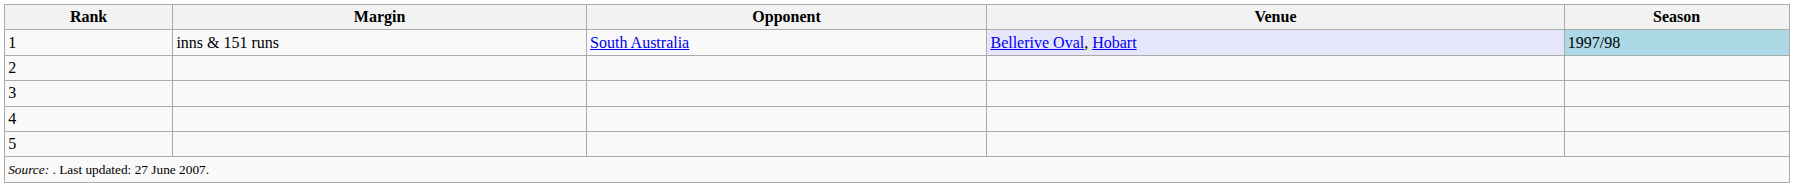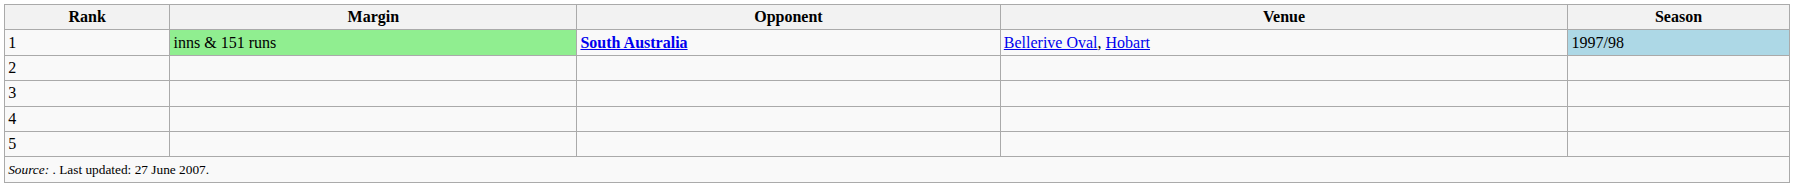 <table class="wikitable" style="width:90%;">
 <tr>
 <th>Rank</th>
 <th>Margin</th>
 <th>Opponent</th>
 <th>Venue</th>
 <th>Season</th>
 </tr>
 <tr>
 <td>1</td>
-<td>inns & 151 runs</td>
-<td><a href='#'>South Australia</a></td>
-<td style="background: lavender;"><a href='#'>Bellerive Oval</a>, <a href='#'>Hobart</a></td>
+<td style="background: lightgreen;">inns & 151 runs</td>
+<td><strong><a href='#'>South Australia</a></strong></td>
+<td><a href='#'>Bellerive Oval</a>, <a href='#'>Hobart</a></td>
 <td style="background: lightblue;">1997/98</td>
 </tr>
 <tr>
 <td>2</td>
 <td></td>
 <td></td>
 <td></td>
 <td></td>
 </tr>
 <tr>
 <td>3</td>
 <td></td>
 <td></td>
 <td></td>
 <td></td>
 </tr>
 <tr>
 <td>4</td>
 <td></td>
 <td></td>
 <td></td>
 <td></td>
 </tr>
 <tr>
 <td>5</td>
 <td></td>
 <td></td>
 <td></td>
 <td></td>
 </tr>
 <tr>
 <td colspan=5><small><em>Source: </em>. Last updated: 27 June 2007.</small></td>
 </tr>
 </table>
